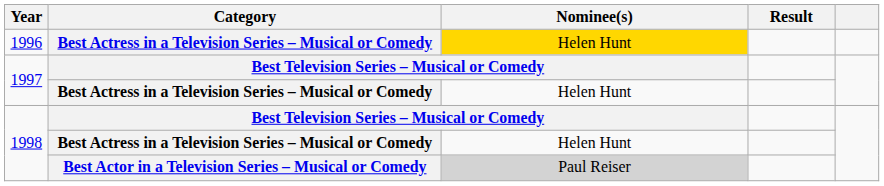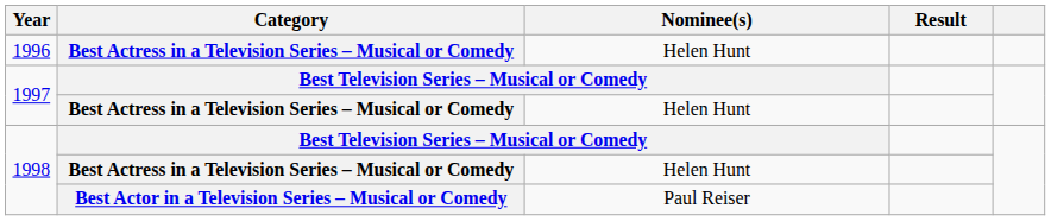 <table class="wikitable plainrowheaders" style="font-size: 100%; text-align:center" width=100%>
 <tr>
 <th scope="col" width="5%">Year</th>
 <th scope="col" width="45%">Category</th>
 <th scope="col" width="35%">Nominee(s)</th>
 <th scope="col" width="10%">Result</th>
 <th scope="col" width="5%"></th>
 </tr>
 <tr>
 <td><a href='#'>1996</a></td>
 <th scope="row" style="text-align:center"><a href='#'>Best Actress in a Television Series – Musical or Comedy</a></th>
-<td style="background: gold;">Helen Hunt</td>
+<td>Helen Hunt</td>
 <td></td>
 <td></td>
 </tr>
 <tr>
 <td rowspan="2"><a href='#'>1997</a></td>
 <th scope="row" style="text-align:center" colspan="2"><a href='#'>Best Television Series – Musical or Comedy</a></th>
 <td></td>
 <td rowspan="2"></td>
 </tr>
 <tr>
 <th scope="row" style="text-align:center">Best Actress in a Television Series – Musical or Comedy</th>
 <td>Helen Hunt</td>
 <td></td>
 </tr>
 <tr>
 <td rowspan="3"><a href='#'>1998</a></td>
 <th scope="row" style="text-align:center" colspan="2"><a href='#'>Best Television Series – Musical or Comedy</a></th>
 <td></td>
 <td rowspan="3"></td>
 </tr>
 <tr>
 <th scope="row" style="text-align:center">Best Actress in a Television Series – Musical or Comedy</th>
 <td>Helen Hunt</td>
 <td></td>
 </tr>
 <tr>
 <th scope="row" style="text-align:center"><a href='#'>Best Actor in a Television Series – Musical or Comedy</a></th>
-<td style="background: lightgrey;">Paul Reiser</td>
+<td>Paul Reiser</td>
 <td></td>
 </tr>
 </table>
